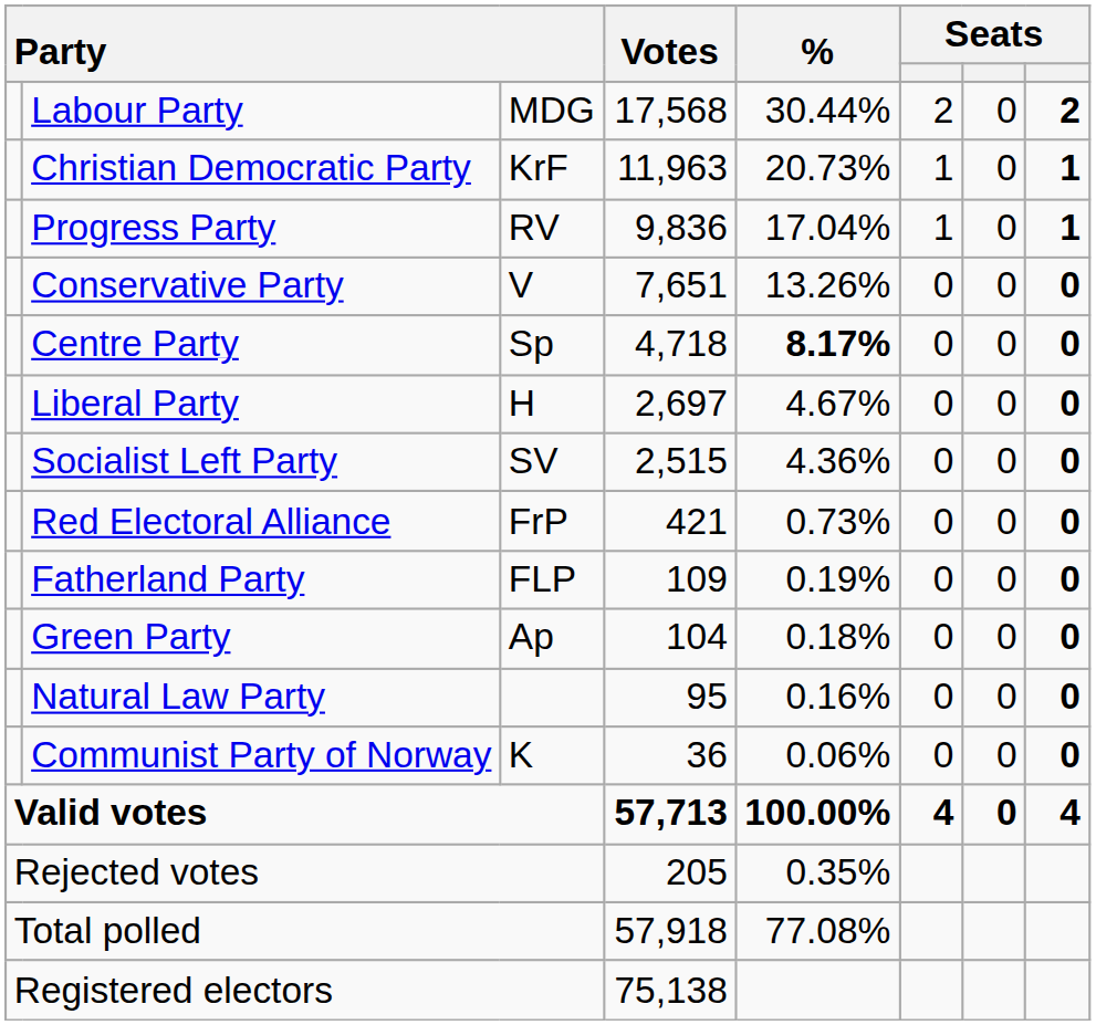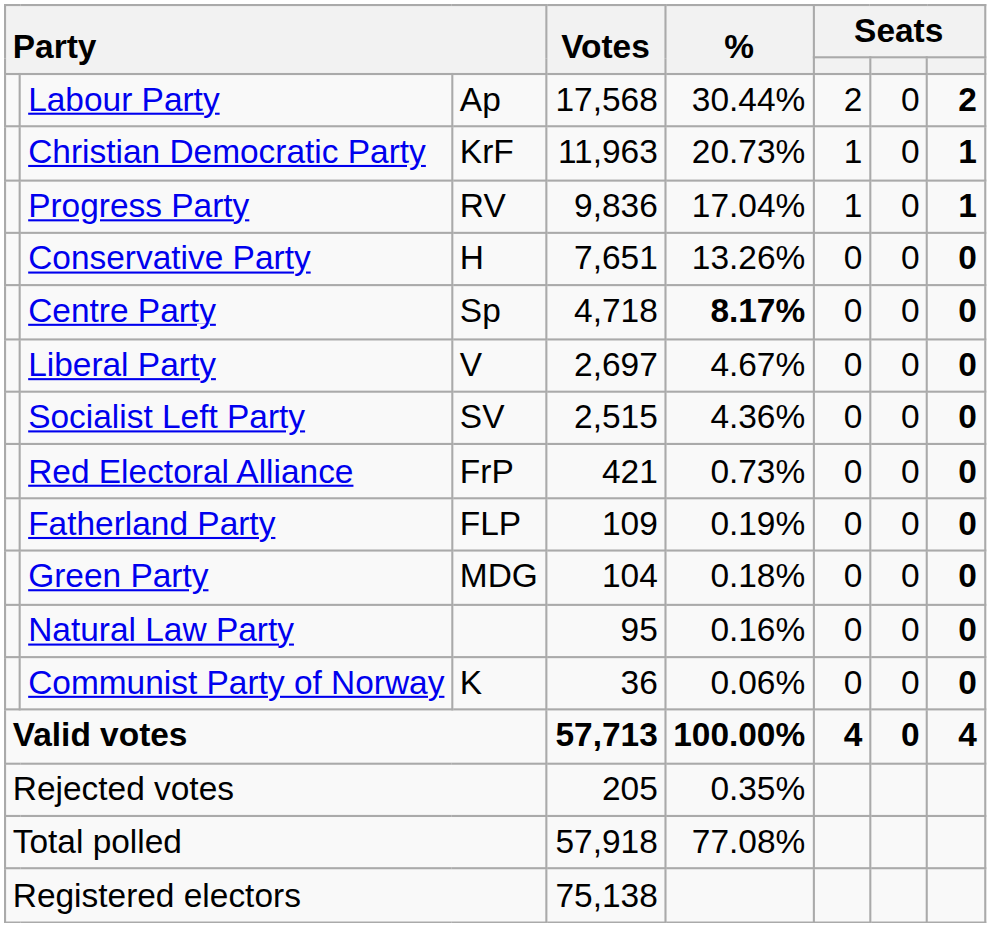 <table class="wikitable" border="1" style="text-align:right;">
 <tr>
 <th style="text-align:left;" valign=bottom rowspan=2 colspan=3>Party</th>
 <th align=center valign=bottom rowspan=2 width="50">Votes</th>
 <th align=center valign=bottom rowspan=2 width="50">%</th>
 <th colspan=3>Seats</th>
 </tr>
 <tr>
 <th align=center valign=bottom width="20"><small></small></th>
 <th align=center valign=bottom width="20"><small><a href='#'></a></small></th>
 <th align=center valign=bottom width="20"><small></small></th>
 </tr>
 <tr>
 <td style="color:inherit;background:"></td>
 <td align=left><a href='#'>Labour Party</a></td>
-<td align=left>MDG</td>
+<td align=left>Ap</td>
 <td>17,568</td>
 <td>30.44%</td>
 <td>2</td>
 <td>0</td>
 <td><strong>2</strong></td>
 </tr>
 <tr>
 <td style="color:inherit;background:"></td>
 <td align=left><a href='#'>Christian Democratic Party</a></td>
 <td align=left>KrF</td>
 <td>11,963</td>
 <td>20.73%</td>
 <td>1</td>
 <td>0</td>
 <td><strong>1</strong></td>
 </tr>
 <tr>
 <td style="color:inherit;background:"></td>
 <td align=left><a href='#'>Progress Party</a></td>
 <td align=left>RV</td>
 <td>9,836</td>
 <td>17.04%</td>
 <td>1</td>
 <td>0</td>
 <td><strong>1</strong></td>
 </tr>
 <tr>
 <td style="color:inherit;background:"></td>
 <td align=left><a href='#'>Conservative Party</a></td>
-<td align=left>V</td>
+<td align=left>H</td>
 <td>7,651</td>
 <td>13.26%</td>
 <td>0</td>
 <td>0</td>
 <td><strong>0</strong></td>
 </tr>
 <tr>
 <td style="color:inherit;background:"></td>
 <td align=left><a href='#'>Centre Party</a></td>
 <td align=left>Sp</td>
 <td>4,718</td>
 <td><strong>8.17%</strong></td>
 <td>0</td>
 <td>0</td>
 <td><strong>0</strong></td>
 </tr>
 <tr>
 <td style="color:inherit;background:"></td>
 <td align=left><a href='#'>Liberal Party</a></td>
-<td align=left>H</td>
+<td align=left>V</td>
 <td>2,697</td>
 <td>4.67%</td>
 <td>0</td>
 <td>0</td>
 <td><strong>0</strong></td>
 </tr>
 <tr>
 <td style="color:inherit;background:"></td>
 <td align=left><a href='#'>Socialist Left Party</a></td>
 <td align=left>SV</td>
 <td>2,515</td>
 <td>4.36%</td>
 <td>0</td>
 <td>0</td>
 <td><strong>0</strong></td>
 </tr>
 <tr>
 <td style="color:inherit;background:"></td>
 <td align=left><a href='#'>Red Electoral Alliance</a></td>
 <td align=left>FrP</td>
 <td>421</td>
 <td>0.73%</td>
 <td>0</td>
 <td>0</td>
 <td><strong>0</strong></td>
 </tr>
 <tr>
 <td style="color:inherit;background:"></td>
 <td align=left><a href='#'>Fatherland Party</a></td>
 <td align=left>FLP</td>
 <td>109</td>
 <td>0.19%</td>
 <td>0</td>
 <td>0</td>
 <td><strong>0</strong></td>
 </tr>
 <tr>
 <td style="color:inherit;background:"></td>
 <td align=left><a href='#'>Green Party</a></td>
-<td align=left>Ap</td>
+<td align=left>MDG</td>
 <td>104</td>
 <td>0.18%</td>
 <td>0</td>
 <td>0</td>
 <td><strong>0</strong></td>
 </tr>
 <tr>
 <td></td>
 <td align=left><a href='#'>Natural Law Party</a></td>
 <td align=left></td>
 <td>95</td>
 <td>0.16%</td>
 <td>0</td>
 <td>0</td>
 <td><strong>0</strong></td>
 </tr>
 <tr>
 <td style="color:inherit;background:"></td>
 <td align=left><a href='#'>Communist Party of Norway</a></td>
 <td align=left>K</td>
 <td>36</td>
 <td>0.06%</td>
 <td>0</td>
 <td>0</td>
 <td><strong>0</strong></td>
 </tr>
 <tr style="font-weight:bold">
 <td align=left colspan=3>Valid votes</td>
 <td>57,713</td>
 <td>100.00%</td>
 <td>4</td>
 <td>0</td>
 <td>4</td>
 </tr>
 <tr>
 <td align=left colspan=3>Rejected votes</td>
 <td>205</td>
 <td>0.35%</td>
 <td></td>
 <td></td>
 <td></td>
 </tr>
 <tr>
 <td align=left colspan=3>Total polled</td>
 <td>57,918</td>
 <td>77.08%</td>
 <td></td>
 <td></td>
 <td></td>
 </tr>
 <tr>
 <td align=left colspan=3>Registered electors</td>
 <td>75,138</td>
 <td></td>
 <td></td>
 <td></td>
 <td></td>
 </tr>
 </table>
